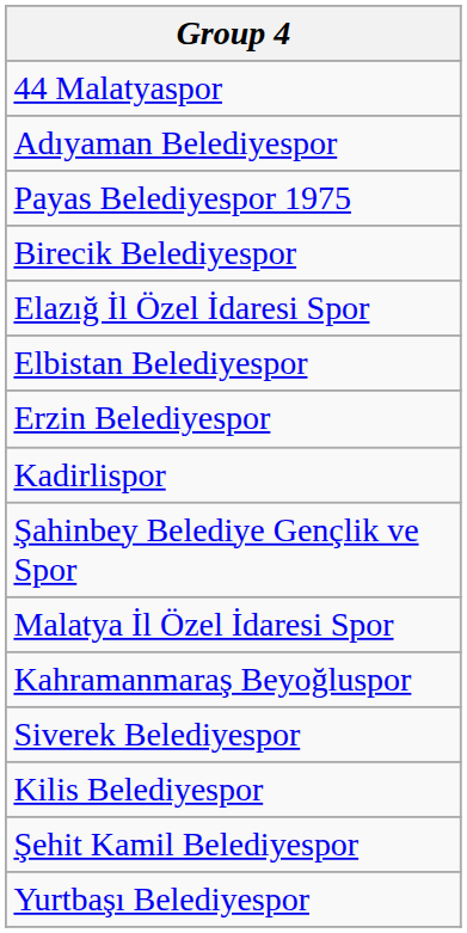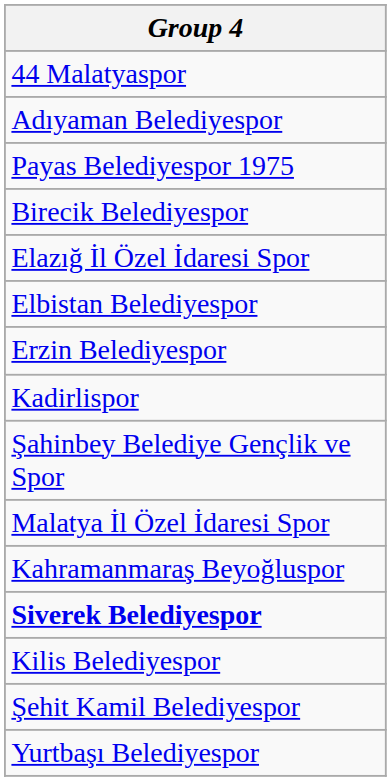 <table class="wikitable collapsible collapsed" style="font-size:95%;">
 <tr>
 <th colspan="1" width="200"><em>Group 4</em></th>
 </tr>
 <tr>
 <td><a href='#'>44 Malatyaspor</a></td>
 </tr>
 <tr>
 <td><a href='#'>Adıyaman Belediyespor</a></td>
 </tr>
 <tr>
 <td><a href='#'>Payas Belediyespor 1975</a></td>
 </tr>
 <tr>
 <td><a href='#'>Birecik Belediyespor</a></td>
 </tr>
 <tr>
 <td><a href='#'>Elazığ İl Özel İdaresi Spor</a></td>
 </tr>
 <tr>
 <td><a href='#'>Elbistan Belediyespor</a></td>
 </tr>
 <tr>
 <td><a href='#'>Erzin Belediyespor</a></td>
 </tr>
 <tr>
 <td><a href='#'>Kadirlispor</a></td>
 </tr>
 <tr>
 <td><a href='#'>Şahinbey Belediye Gençlik ve Spor</a></td>
 </tr>
 <tr>
 <td><a href='#'>Malatya İl Özel İdaresi Spor</a></td>
 </tr>
 <tr>
 <td><a href='#'>Kahramanmaraş Beyoğluspor</a></td>
 </tr>
 <tr>
-<td><a href='#'>Siverek Belediyespor</a></td>
+<td><strong><a href='#'>Siverek Belediyespor</a></strong></td>
 </tr>
 <tr>
 <td><a href='#'>Kilis Belediyespor</a></td>
 </tr>
 <tr>
 <td><a href='#'>Şehit Kamil Belediyespor</a></td>
 </tr>
 <tr>
 <td><a href='#'>Yurtbaşı Belediyespor</a></td>
 </tr>
 </table>
